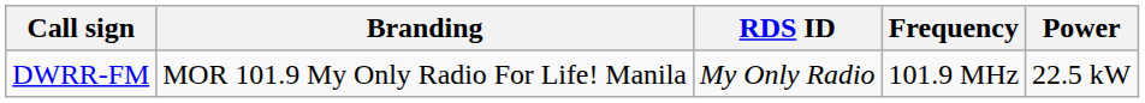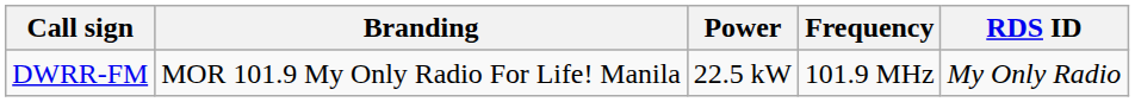 <table class="wikitable sortable">
 <tr>
 <th>Call sign</th>
 <th>Branding</th>
+<th>Power</th>
+<th>Frequency</th>
 <th><a href='#'>RDS</a> ID</th>
-<th>Frequency</th>
-<th>Power</th>
 </tr>
 <tr>
 <td><a href='#'>DWRR-FM</a></td>
 <td>MOR 101.9 My Only Radio For Life! Manila</td>
+<td>22.5 kW</td>
+<td>101.9 MHz</td>
 <td><em>My Only Radio</em></td>
-<td>101.9 MHz</td>
-<td>22.5 kW</td>
 </tr>
 </table>
